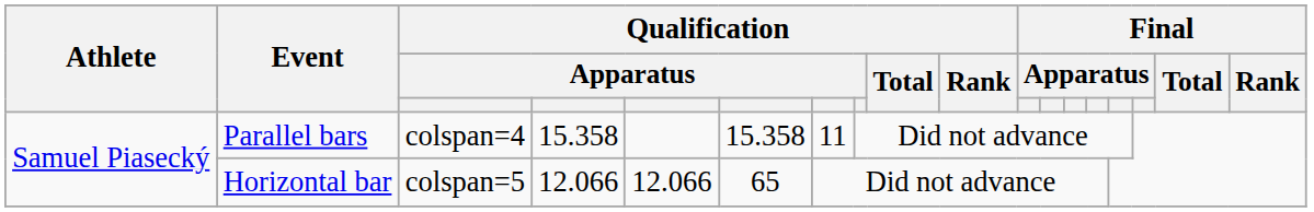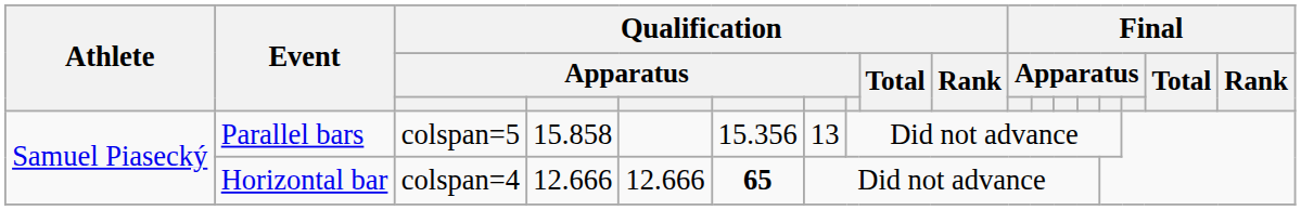 <table class="wikitable" style="font-size:90%">
 <tr>
 <th rowspan=3>Athlete</th>
 <th rowspan=3>Event</th>
 <th colspan =8>Qualification</th>
 <th colspan =8>Final</th>
 </tr>
 <tr style="font-size:95%">
 <th colspan=6>Apparatus</th>
 <th rowspan=2>Total</th>
 <th rowspan=2>Rank</th>
 <th colspan=6>Apparatus</th>
 <th rowspan=2>Total</th>
 <th rowspan=2>Rank</th>
 </tr>
 <tr style="font-size:95%">
 <th></th>
 <th></th>
 <th></th>
 <th></th>
 <th></th>
 <th></th>
 <th></th>
 <th></th>
 <th></th>
 <th></th>
 <th></th>
 <th></th>
 </tr>
 <tr align=center>
 <td align=left rowspan=2><a href='#'>Samuel Piasecký</a></td>
 <td align=left><a href='#'>Parallel bars</a></td>
-<td>colspan=4 </td>
-<td>15.358</td>
+<td>colspan=5 </td>
+<td>15.858</td>
 <td></td>
-<td>15.358</td>
-<td>11</td>
+<td>15.356</td>
+<td>13</td>
 <td colspan=8>Did not advance</td>
 </tr>
 <tr align=center>
 <td align=left><a href='#'>Horizontal bar</a></td>
-<td>colspan=5 </td>
-<td>12.066</td>
-<td>12.066</td>
-<td>65</td>
+<td>colspan=4 </td>
+<td>12.666</td>
+<td>12.666</td>
+<td><strong>65</strong></td>
 <td colspan=8>Did not advance</td>
 </tr>
 </table>
